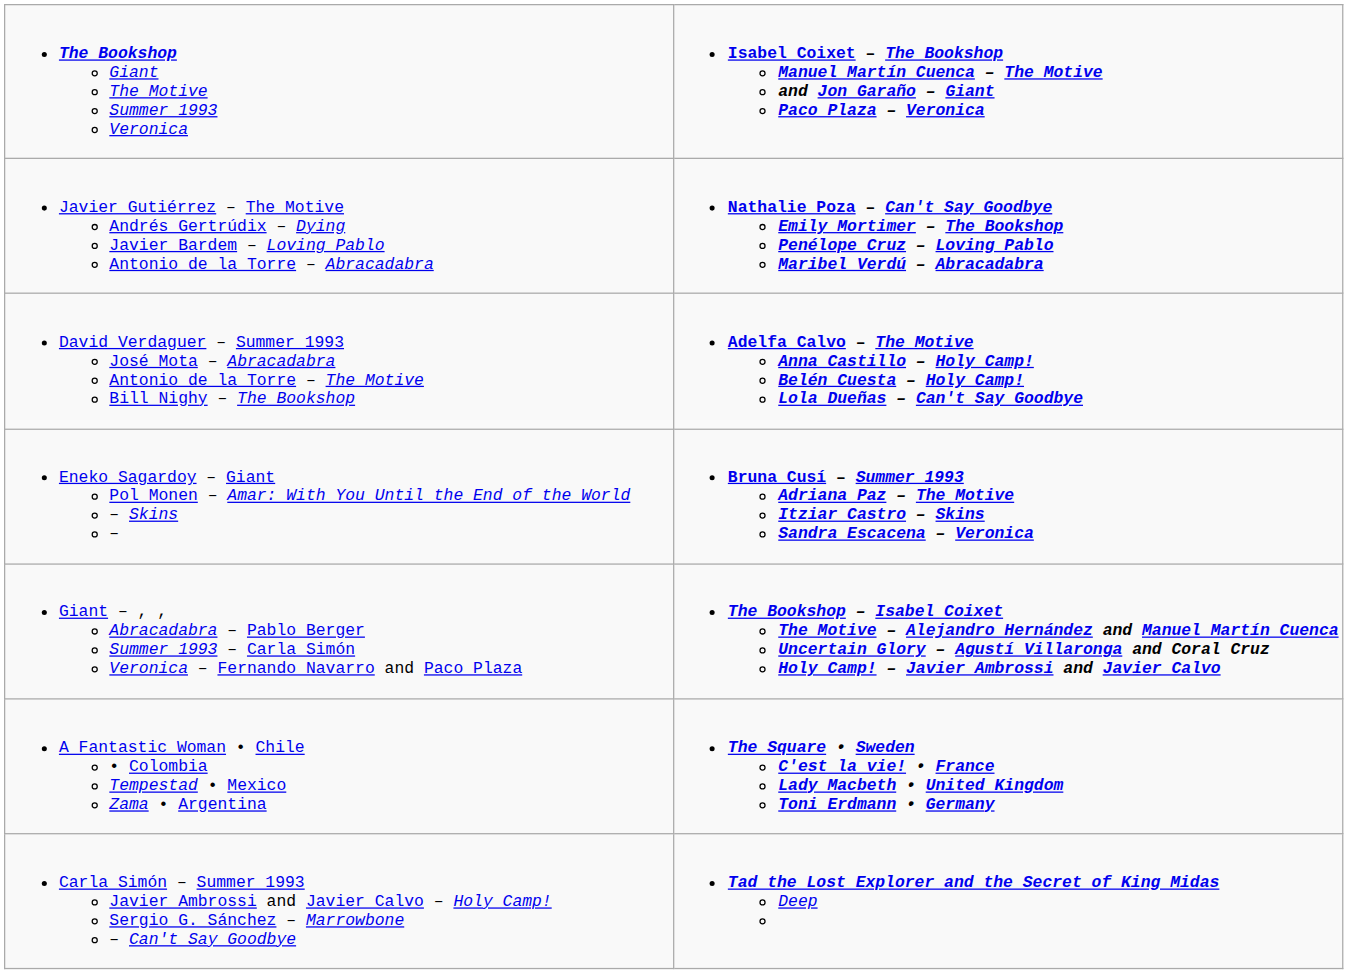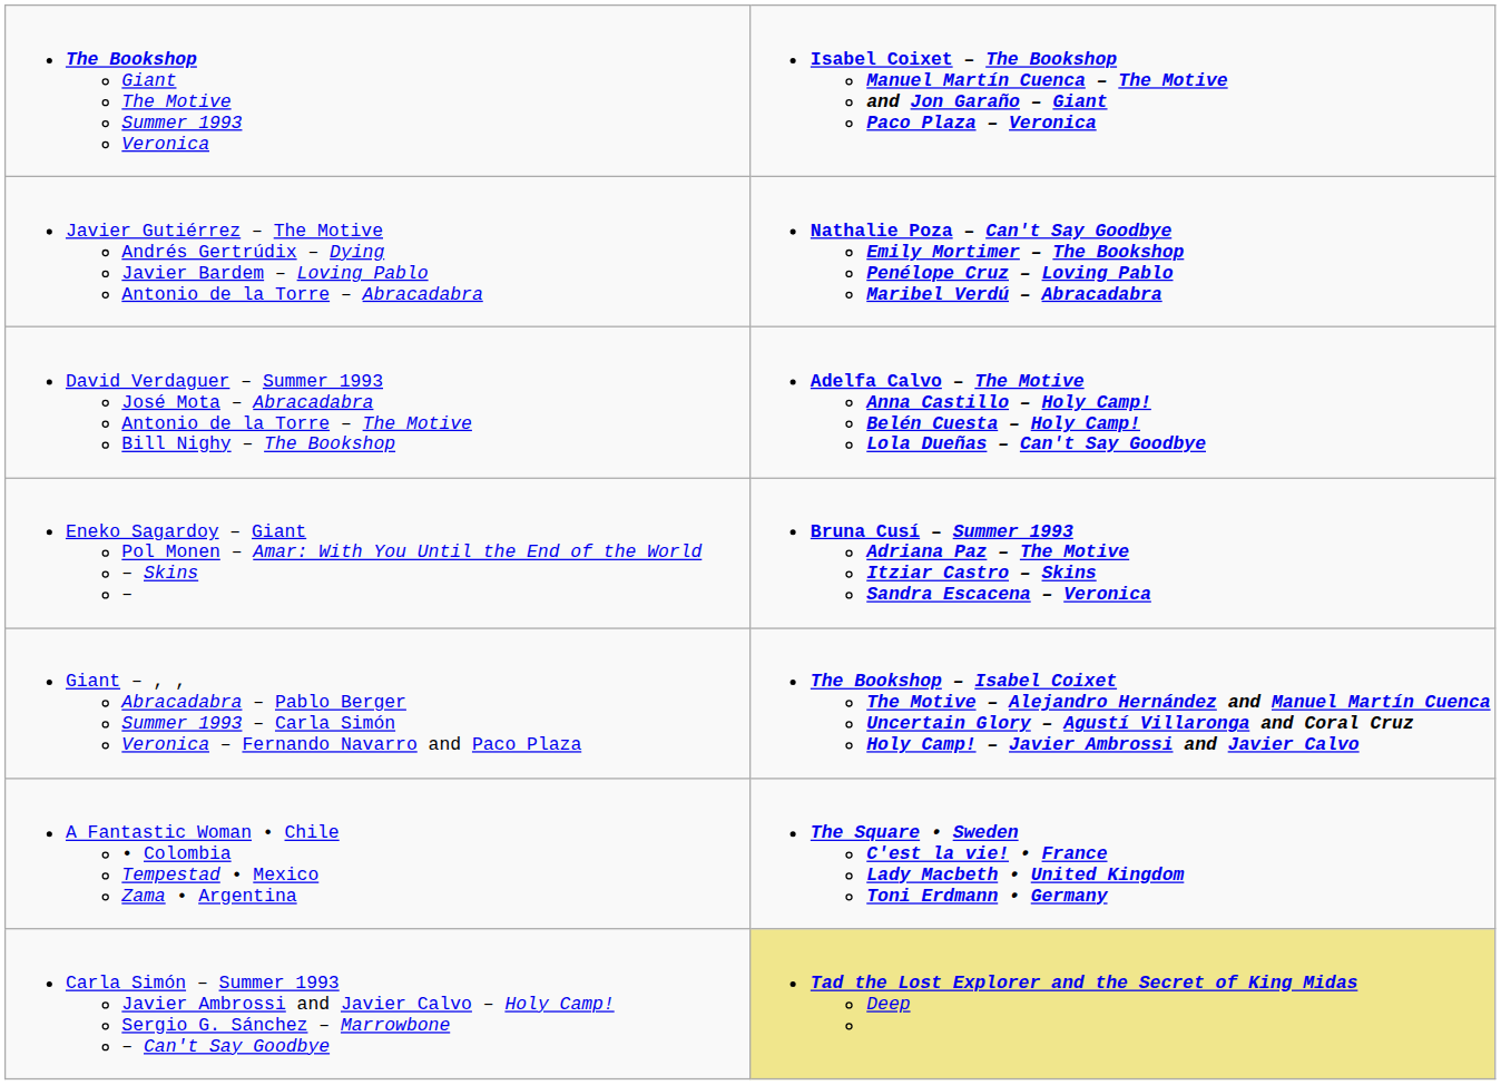 <table class=wikitable style="width=100%">
 <tr>
 <td style="vertical-align:top;" width="50%"><br><ul><li><strong><em><a href='#'>The Bookshop</a></em></strong><ul><li><em><a href='#'>Giant</a></em></li><li><em><a href='#'>The Motive</a></em></li><li><em><a href='#'>Summer 1993</a></em></li><li><em><a href='#'>Veronica</a></em></li></ul></li></ul></td>
 <td style="vertical-align:top;" width="50%"><br><ul><li><strong><a href='#'>Isabel Coixet</a> – <em><a href='#'>The Bookshop</a><strong><em><ul><li><a href='#'>Manuel Martín Cuenca</a> – </em><a href='#'>The Motive</a><em></li><li> and <a href='#'>Jon Garaño</a> – </em><a href='#'>Giant</a><em></li><li><a href='#'>Paco Plaza</a> – </em><a href='#'>Veronica</a><em></li></ul></li></ul></td>
 </tr>
 <tr>
 <td style="vertical-align:top;" width="50%"><br><ul><li></strong><a href='#'>Javier Gutiérrez</a> – </em><a href='#'>The Motive</a></em></strong><ul><li><a href='#'>Andrés Gertrúdix</a> – <em><a href='#'>Dying</a></em></li><li><a href='#'>Javier Bardem</a> – <em><a href='#'>Loving Pablo</a></em></li><li><a href='#'>Antonio de la Torre</a> – <em><a href='#'>Abracadabra</a></em></li></ul></li></ul></td>
 <td style="vertical-align:top;" width="50%"><br><ul><li><strong><a href='#'>Nathalie Poza</a> – <em><a href='#'>Can't Say Goodbye</a><strong><em><ul><li><a href='#'>Emily Mortimer</a> – </em><a href='#'>The Bookshop</a><em></li><li><a href='#'>Penélope Cruz</a> – </em><a href='#'>Loving Pablo</a><em></li><li><a href='#'>Maribel Verdú</a> – </em><a href='#'>Abracadabra</a><em></li></ul></li></ul></td>
 </tr>
 <tr>
 <td style="vertical-align:top;" width="50%"><br><ul><li></strong><a href='#'>David Verdaguer</a> – </em><a href='#'>Summer 1993</a></em></strong><ul><li><a href='#'>José Mota</a> – <em><a href='#'>Abracadabra</a></em></li><li><a href='#'>Antonio de la Torre</a> – <em><a href='#'>The Motive</a></em></li><li><a href='#'>Bill Nighy</a> – <em><a href='#'>The Bookshop</a></em></li></ul></li></ul></td>
 <td style="vertical-align:top;" width="50%"><br><ul><li><strong><a href='#'>Adelfa Calvo</a> – <em><a href='#'>The Motive</a><strong><em><ul><li><a href='#'>Anna Castillo</a> – </em><a href='#'>Holy Camp!</a><em></li><li><a href='#'>Belén Cuesta</a> – </em><a href='#'>Holy Camp!</a><em></li><li><a href='#'>Lola Dueñas</a> – </em><a href='#'>Can't Say Goodbye</a><em></li></ul></li></ul></td>
 </tr>
 <tr>
 <td style="vertical-align:top;" width="50%"><br><ul><li></strong><a href='#'>Eneko Sagardoy</a> – </em><a href='#'>Giant</a></em></strong><ul><li><a href='#'>Pol Monen</a> – <em><a href='#'>Amar: With You Until the End of the World</a></em></li><li> – <em><a href='#'>Skins</a></em></li><li> – <em></em></li></ul></li></ul></td>
 <td style="vertical-align:top;" width="50%"><br><ul><li><strong><a href='#'>Bruna Cusí</a> – <em><a href='#'>Summer 1993</a><strong><em><ul><li><a href='#'>Adriana Paz</a> – </em><a href='#'>The Motive</a><em></li><li><a href='#'>Itziar Castro</a> – </em><a href='#'>Skins</a><em></li><li><a href='#'>Sandra Escacena</a> – </em><a href='#'>Veronica</a><em></li></ul></li></ul></td>
 </tr>
 <tr>
 <td style="vertical-align:top;" width="50%"><br><ul><li></em></strong><a href='#'>Giant</a></em> – , , </strong><ul><li><em><a href='#'>Abracadabra</a></em> – <a href='#'>Pablo Berger</a></li><li><em><a href='#'>Summer 1993</a></em> – <a href='#'>Carla Simón</a></li><li><em><a href='#'>Veronica</a></em> – <a href='#'>Fernando Navarro</a> and <a href='#'>Paco Plaza</a></li></ul></li></ul></td>
 <td style="vertical-align:top;" width="50%"><br><ul><li><strong><em><a href='#'>The Bookshop</a><em> – <a href='#'>Isabel Coixet</a><strong><ul><li></em><a href='#'>The Motive</a><em> – <a href='#'>Alejandro Hernández</a> and <a href='#'>Manuel Martín Cuenca</a></li><li></em><a href='#'>Uncertain Glory</a><em> – <a href='#'>Agustí Villaronga</a> and Coral Cruz</li><li></em><a href='#'>Holy Camp!</a><em> – <a href='#'>Javier Ambrossi</a> and <a href='#'>Javier Calvo</a></li></ul></li></ul></td>
 </tr>
 <tr>
 <td style="vertical-align:top;" width="50%"><br><ul><li></em></strong><a href='#'>A Fantastic Woman</a></em> • <a href='#'>Chile</a></strong><ul><li><em></em> • <a href='#'>Colombia</a></li><li><em><a href='#'>Tempestad</a></em> • <a href='#'>Mexico</a></li><li><em><a href='#'>Zama</a></em> • <a href='#'>Argentina</a></li></ul></li></ul></td>
 <td style="vertical-align:top;" width="50%"><br><ul><li><strong><em><a href='#'>The Square</a><em> • <a href='#'>Sweden</a><strong><ul><li></em><a href='#'>C'est la vie!</a><em> • <a href='#'>France</a></li><li></em><a href='#'>Lady Macbeth</a><em> • <a href='#'>United Kingdom</a></li><li></em><a href='#'>Toni Erdmann</a><em> • <a href='#'>Germany</a></li></ul></li></ul></td>
 </tr>
 <tr>
 <td style="vertical-align:top;" width="50%"><br><ul><li></strong><a href='#'>Carla Simón</a> – </em><a href='#'>Summer 1993</a></em></strong><ul><li><a href='#'>Javier Ambrossi</a> and <a href='#'>Javier Calvo</a> – <em><a href='#'>Holy Camp!</a></em></li><li><a href='#'>Sergio G. Sánchez</a> – <em><a href='#'>Marrowbone</a></em></li><li> – <em><a href='#'>Can't Say Goodbye</a></em></li></ul></li></ul></td>
-<td style="vertical-align:top;" width="50%"><br><ul><li><strong><em><a href='#'>Tad the Lost Explorer and the Secret of King Midas</a></em></strong><ul><li><em><a href='#'>Deep</a></em></li><li><em></em></li></ul></li></ul></td>
+<td style="background: khaki; vertical-align:top;" width="50%"><br><ul><li><strong><em><a href='#'>Tad the Lost Explorer and the Secret of King Midas</a></em></strong><ul><li><em><a href='#'>Deep</a></em></li><li><em></em></li></ul></li></ul></td>
 </tr>
 </table>
